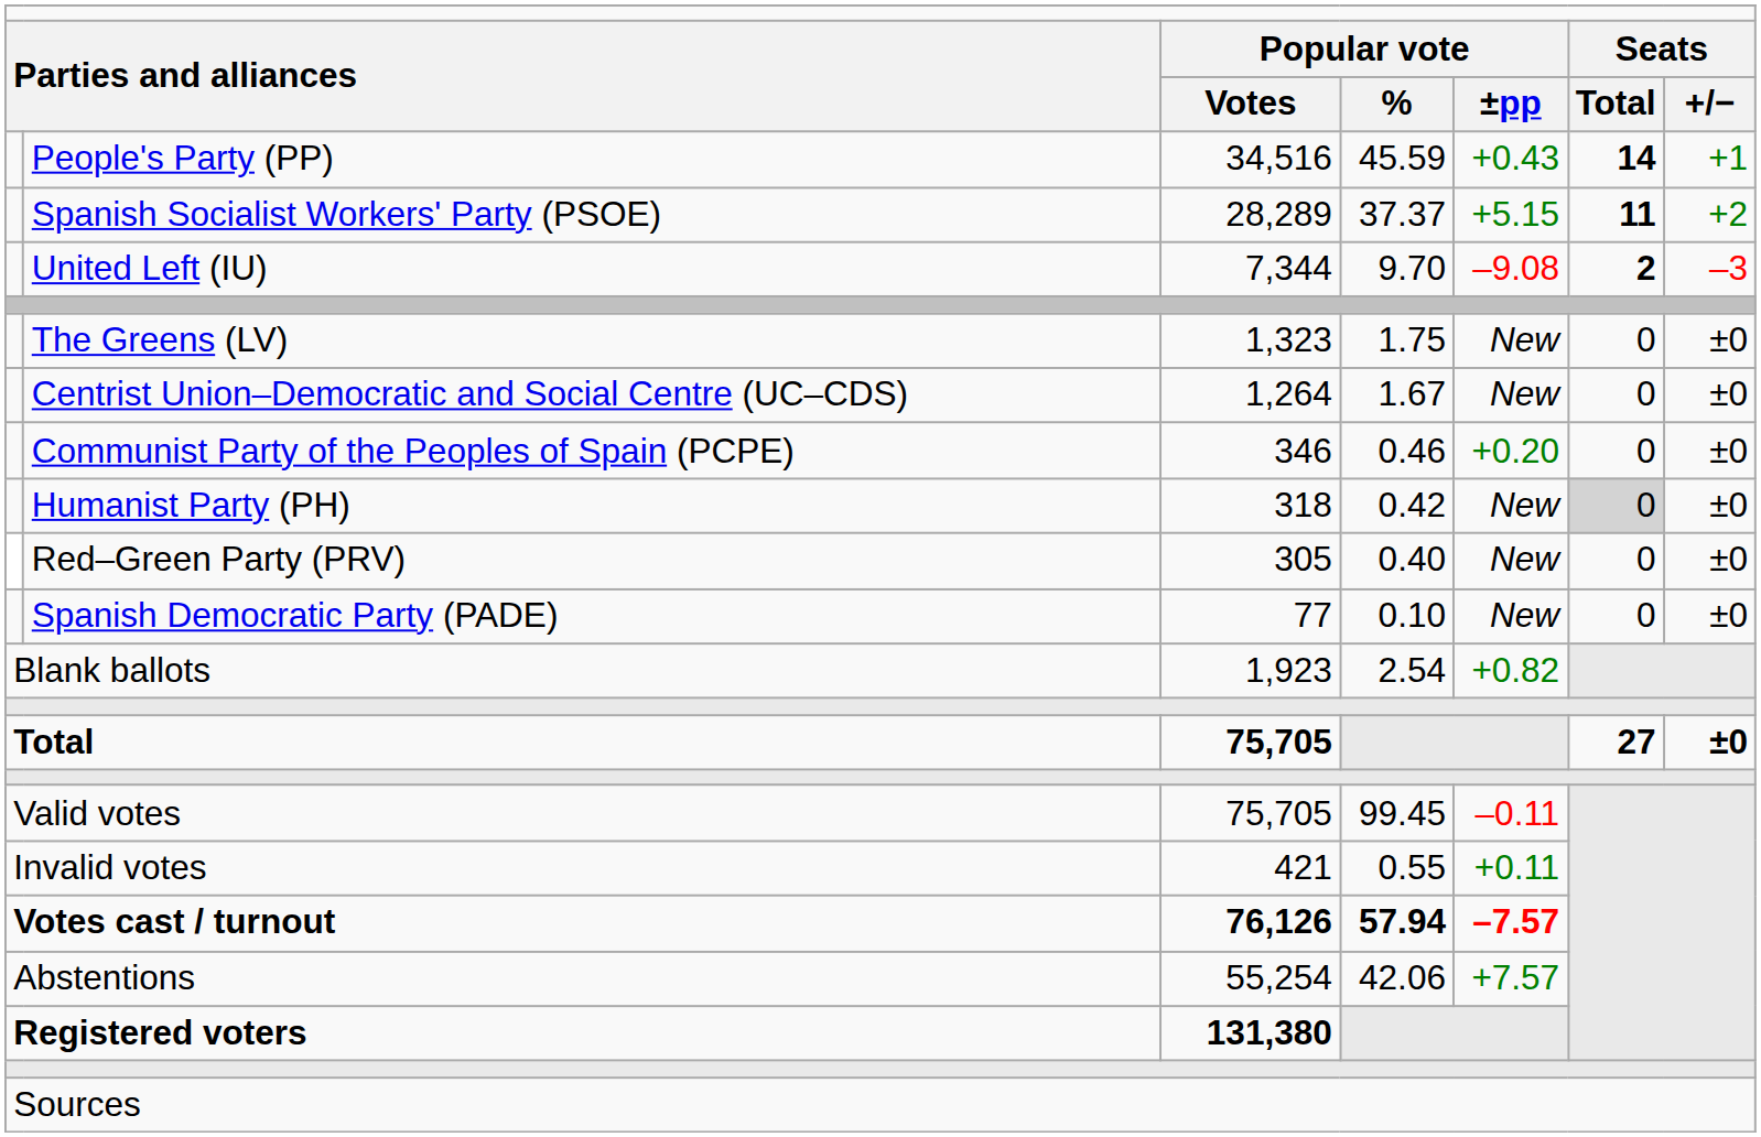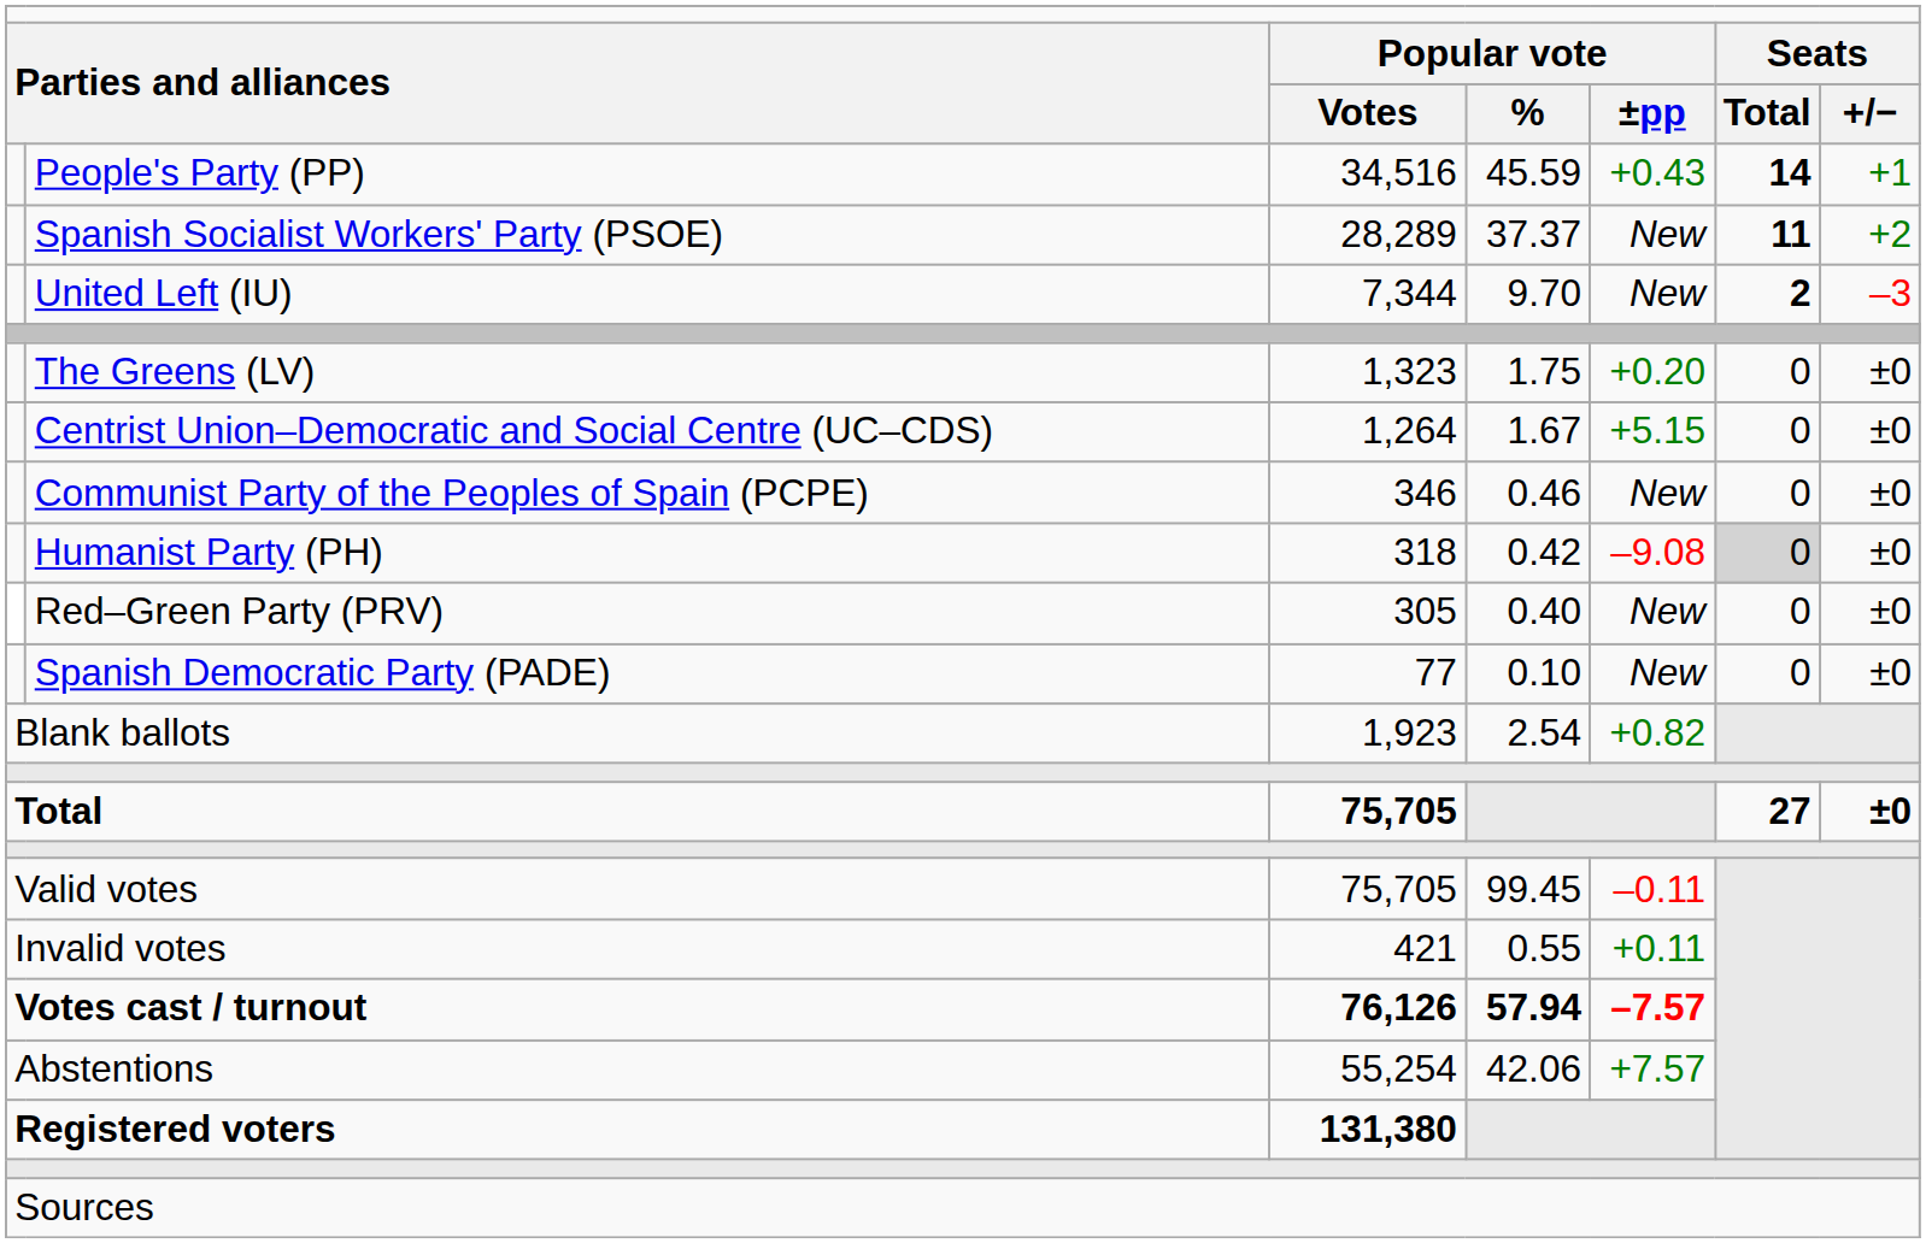 <table class="wikitable" style="text-align:right;">
 <tr>
 <td colspan="7"></td>
 </tr>
 <tr>
 <th style="text-align:left;" rowspan="2" colspan="2" width="525">Parties and alliances</th>
 <th colspan="3">Popular vote</th>
 <th colspan="2">Seats</th>
 </tr>
 <tr>
 <th width="75">Votes</th>
 <th width="45">%</th>
 <th width="45">±<a href='#'>pp</a></th>
 <th width="35">Total</th>
 <th width="35">+/−</th>
 </tr>
 <tr>
 <td width="1" style="color:inherit;background:"></td>
 <td align="left"><a href='#'>People's Party</a> (PP)</td>
 <td>34,516</td>
 <td>45.59</td>
 <td style="color:green;">+0.43</td>
 <td><strong>14</strong></td>
 <td style="color:green;">+1</td>
 </tr>
 <tr>
 <td style="color:inherit;background:"></td>
 <td align="left"><a href='#'>Spanish Socialist Workers' Party</a> (PSOE)</td>
 <td>28,289</td>
 <td>37.37</td>
-<td style="color:green;">+5.15</td>
+<td><em>New</em></td>
 <td><strong>11</strong></td>
 <td style="color:green;">+2</td>
 </tr>
 <tr>
 <td style="color:inherit;background:"></td>
 <td align="left"><a href='#'>United Left</a> (IU)</td>
 <td>7,344</td>
 <td>9.70</td>
-<td style="color:red;">–9.08</td>
+<td><em>New</em></td>
 <td><strong>2</strong></td>
 <td style="color:red;">–3</td>
 </tr>
 <tr>
 <td colspan="7" bgcolor="#C0C0C0"></td>
 </tr>
 <tr>
 <td style="color:inherit;background:"></td>
 <td align="left"><a href='#'>The Greens</a> (LV)</td>
 <td>1,323</td>
 <td>1.75</td>
-<td><em>New</em></td>
+<td style="color:green;">+0.20</td>
 <td>0</td>
 <td>±0</td>
 </tr>
 <tr>
 <td style="color:inherit;background:"></td>
 <td align="left"><a href='#'>Centrist Union–Democratic and Social Centre</a> (UC–CDS)</td>
 <td>1,264</td>
 <td>1.67</td>
-<td><em>New</em></td>
+<td style="color:green;">+5.15</td>
 <td>0</td>
 <td>±0</td>
 </tr>
 <tr>
 <td style="color:inherit;background:"></td>
 <td align="left"><a href='#'>Communist Party of the Peoples of Spain</a> (PCPE)</td>
 <td>346</td>
 <td>0.46</td>
-<td style="color:green;">+0.20</td>
+<td><em>New</em></td>
 <td>0</td>
 <td>±0</td>
 </tr>
 <tr>
 <td style="color:inherit;background:"></td>
 <td align="left"><a href='#'>Humanist Party</a> (PH)</td>
 <td>318</td>
 <td>0.42</td>
-<td><em>New</em></td>
+<td style="color:red;">–9.08</td>
 <td style="background: lightgrey;">0</td>
 <td>±0</td>
 </tr>
 <tr>
 <td bgcolor="white"></td>
 <td align="left">Red–Green Party (PRV)</td>
 <td>305</td>
 <td>0.40</td>
 <td><em>New</em></td>
 <td>0</td>
 <td>±0</td>
 </tr>
 <tr>
 <td style="color:inherit;background:"></td>
 <td align="left"><a href='#'>Spanish Democratic Party</a> (PADE)</td>
 <td>77</td>
 <td>0.10</td>
 <td><em>New</em></td>
 <td>0</td>
 <td>±0</td>
 </tr>
 <tr>
 <td align="left" colspan="2">Blank ballots</td>
 <td>1,923</td>
 <td>2.54</td>
 <td style="color:green;">+0.82</td>
 <td bgcolor="#E9E9E9" colspan="2"></td>
 </tr>
 <tr>
 <td colspan="7" bgcolor="#E9E9E9"></td>
 </tr>
 <tr style="font-weight:bold;">
 <td align="left" colspan="2">Total</td>
 <td>75,705</td>
 <td bgcolor="#E9E9E9" colspan="2"></td>
 <td>27</td>
 <td>±0</td>
 </tr>
 <tr>
 <td colspan="7" bgcolor="#E9E9E9"></td>
 </tr>
 <tr>
 <td align="left" colspan="2">Valid votes</td>
 <td>75,705</td>
 <td>99.45</td>
 <td style="color:red;">–0.11</td>
 <td bgcolor="#E9E9E9" colspan="2" rowspan="5"></td>
 </tr>
 <tr>
 <td align="left" colspan="2">Invalid votes</td>
 <td>421</td>
 <td>0.55</td>
 <td style="color:green;">+0.11</td>
 </tr>
 <tr style="font-weight:bold;">
 <td align="left" colspan="2">Votes cast / turnout</td>
 <td>76,126</td>
 <td>57.94</td>
 <td style="color:red;">–7.57</td>
 </tr>
 <tr>
 <td align="left" colspan="2">Abstentions</td>
 <td>55,254</td>
 <td>42.06</td>
 <td style="color:green;">+7.57</td>
 </tr>
 <tr style="font-weight:bold;">
 <td align="left" colspan="2">Registered voters</td>
 <td>131,380</td>
 <td bgcolor="#E9E9E9" colspan="2"></td>
 </tr>
 <tr>
 <td colspan="7" bgcolor="#E9E9E9"></td>
 </tr>
 <tr>
 <td align="left" colspan="7">Sources</td>
 </tr>
 </table>
